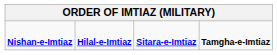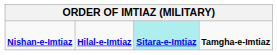 <table class="wikitable" style="margin: 1em auto;">
 <tr>
 <th colspan="4">ORDER OF IMTIAZ (MILITARY)</th>
 </tr>
 <tr align="center">
 <td><br><strong><small><a href='#'>Nishan-e-Imtiaz</a></small></strong></td>
 <td><br><strong><a href='#'><small>Hilal-e-Imtiaz</small></a></strong></td>
-<td><br><strong><small><a href='#'>Sitara-e-Imtiaz</a></small></strong></td>
+<td style="background: paleturquoise;"><br><strong><small><a href='#'>Sitara-e-Imtiaz</a></small></strong></td>
 <td><br><strong><small>Tamgha-e-Imtiaz</small></strong></td>
 </tr>
 </table>
